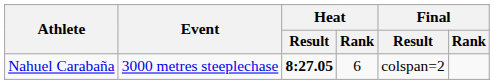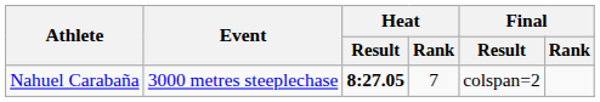 <table class="wikitable" style="font-size:90%">
 <tr>
 <th rowspan="2">Athlete</th>
 <th rowspan="2">Event</th>
 <th colspan="2">Heat</th>
 <th colspan="2">Final</th>
 </tr>
 <tr style="font-size:95%">
 <th>Result</th>
 <th>Rank</th>
 <th>Result</th>
 <th>Rank</th>
 </tr>
 <tr align=center>
 <td align=left><a href='#'>Nahuel Carabaña</a></td>
 <td align=left><a href='#'>3000 metres steeplechase</a></td>
 <td><strong>8:27.05</strong></td>
-<td>6</td>
+<td>7</td>
 <td>colspan=2 </td>
 </tr>
 </table>
